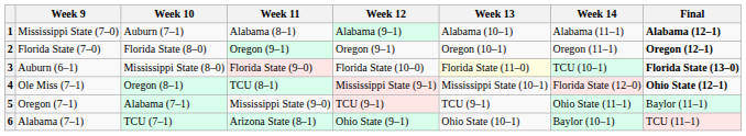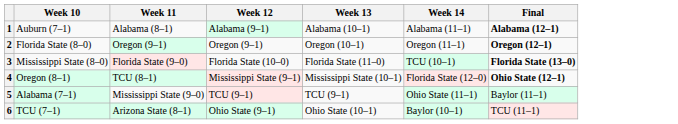 <table class="wikitable" style="font-size:90%">
 <tr>
 <th></th>
-<th>Week 9</th>
 <th>Week 10</th>
 <th>Week 11</th>
 <th>Week 12</th>
 <th>Week 13</th>
 <th>Week 14</th>
 <th>Final</th>
 </tr>
 <tr>
 <th>1</th>
-<td>Mississippi State (7–0)</td>
 <td>Auburn (7–1)</td>
 <td>Alabama (8–1)</td>
 <td style="background:#d8ffeb">Alabama (9–1)</td>
 <td>Alabama (10–1)</td>
 <td>Alabama (11–1)</td>
 <td style="background:#"><strong>Alabama (12–1)</strong></td>
 </tr>
 <tr>
 <th>2</th>
-<td>Florida State (7–0)</td>
 <td>Florida State (8–0)</td>
 <td style="background:#d8ffeb">Oregon (9–1)</td>
 <td>Oregon (9–1)</td>
 <td>Oregon (10–1)</td>
 <td>Oregon (11–1)</td>
 <td style="background:#"><strong>Oregon (12–1)</strong></td>
 </tr>
 <tr>
 <th>3</th>
-<td>Auburn (6–1)</td>
 <td>Mississippi State (8–0)</td>
 <td style="background:#ffe6e6">Florida State (9–0)</td>
 <td>Florida State (10–0)</td>
-<td style="background: lightyellow;">Florida State (11–0)</td>
+<td>Florida State (11–0)</td>
 <td style="background:#d8ffeb">TCU (10–1)</td>
 <td style="background:#"><strong>Florida State (13–0)</strong></td>
 </tr>
 <tr>
 <th>4</th>
-<td>Ole Miss (7–1)</td>
 <td style="background:#d8ffeb">Oregon (8–1)</td>
 <td style="background:#d8ffeb">TCU (8–1)</td>
 <td style="background:#ffe6e6">Mississippi State (9–1)</td>
 <td>Mississippi State (10–1)</td>
 <td style="background:#ffe6e6">Florida State (12–0)</td>
 <td style="background:#"><strong>Ohio State (12–1)</strong></td>
 </tr>
 <tr>
 <th>5</th>
-<td>Oregon (7–1)</td>
 <td style="background:#d8ffeb">Alabama (7–1)</td>
 <td>Mississippi State (9–0)</td>
 <td style="background:#ffe6e6">TCU (9–1)</td>
 <td>TCU (9–1)</td>
 <td style="background:#d8ffeb">Ohio State (11–1)</td>
 <td style="background:#d8ffeb">Baylor (11–1)</td>
 </tr>
 <tr>
 <th>6</th>
-<td>Alabama (7–1)</td>
 <td style="background:#d8ffeb">TCU (7–1)</td>
 <td style="background:#d8ffeb">Arizona State (8–1)</td>
 <td style="background:#d8ffeb">Ohio State (9–1)</td>
 <td>Ohio State (10–1)</td>
 <td style="background:#d8ffeb">Baylor (10–1)</td>
 <td style="background:#ffe6e6">TCU (11–1)</td>
 </tr>
 </table>
